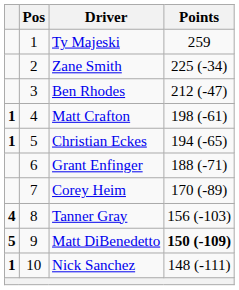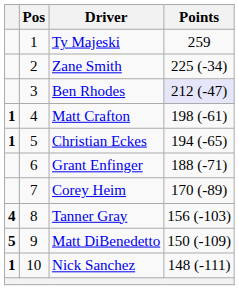 <table class="wikitable" style="font-size: 95%;">
 <tr>
 <th></th>
 <th>Pos</th>
 <th>Driver</th>
 <th>Points</th>
 </tr>
 <tr>
 <td align="left"></td>
 <td style="text-align:center;">1</td>
 <td><a href='#'>Ty Majeski</a></td>
 <td style="text-align:center;">259</td>
 </tr>
 <tr>
 <td align="left"></td>
 <td style="text-align:center;">2</td>
 <td><a href='#'>Zane Smith</a></td>
 <td style="text-align:center;">225 (-34)</td>
 </tr>
 <tr>
 <td align="left"></td>
 <td style="text-align:center;">3</td>
 <td><a href='#'>Ben Rhodes</a></td>
-<td style="text-align:center;">212 (-47)</td>
+<td style="background: lavender; text-align:center;">212 (-47)</td>
 </tr>
 <tr>
 <td align="left"> <strong>1</strong></td>
 <td style="text-align:center;">4</td>
 <td><a href='#'>Matt Crafton</a></td>
 <td style="text-align:center;">198 (-61)</td>
 </tr>
 <tr>
 <td align="left"> <strong>1</strong></td>
 <td style="text-align:center;">5</td>
 <td><a href='#'>Christian Eckes</a></td>
 <td style="text-align:center;">194 (-65)</td>
 </tr>
 <tr>
 <td align="left"></td>
 <td style="text-align:center;">6</td>
 <td><a href='#'>Grant Enfinger</a></td>
 <td style="text-align:center;">188 (-71)</td>
 </tr>
 <tr>
 <td align="left"></td>
 <td style="text-align:center;">7</td>
 <td><a href='#'>Corey Heim</a></td>
 <td style="text-align:center;">170 (-89)</td>
 </tr>
 <tr>
 <td align="left"> <strong>4</strong></td>
 <td style="text-align:center;">8</td>
 <td><a href='#'>Tanner Gray</a></td>
 <td style="text-align:center;">156 (-103)</td>
 </tr>
 <tr>
 <td align="left"> <strong>5</strong></td>
 <td style="text-align:center;">9</td>
 <td><a href='#'>Matt DiBenedetto</a></td>
-<td style="text-align:center;"><strong>150 (-109)</strong></td>
+<td style="text-align:center;">150 (-109)</td>
 </tr>
 <tr>
 <td align="left"> <strong>1</strong></td>
 <td style="text-align:center;">10</td>
 <td><a href='#'>Nick Sanchez</a></td>
 <td style="text-align:center;">148 (-111)</td>
 </tr>
 <tr class="sortbottom">
 <th colspan="9"></th>
 </tr>
 </table>
